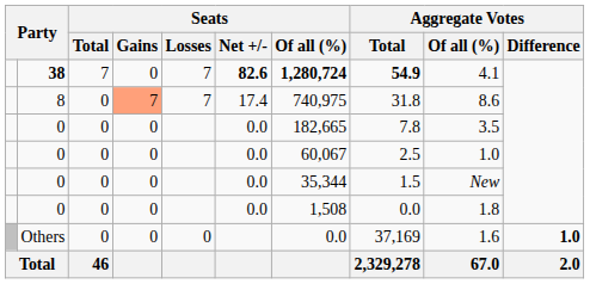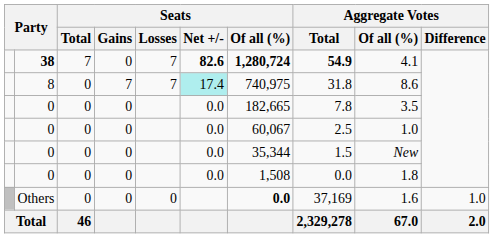 <table class="wikitable sortable" style="text-align:right; font-size:95%;">
 <tr>
 <th colspan="2" rowspan="2">Party</th>
 <th colspan="5">Seats</th>
 <th colspan="3">Aggregate Votes</th>
 </tr>
 <tr>
 <th>Total</th>
 <th>Gains</th>
 <th>Losses</th>
 <th>Net +/-</th>
 <th>Of all (%)</th>
 <th>Total</th>
 <th>Of all (%)</th>
 <th>Difference</th>
 </tr>
 <tr>
 <td></td>
 <td><strong>38</strong></td>
 <td>7</td>
 <td>0</td>
 <td>7</td>
 <td><strong>82.6</strong></td>
 <td><strong>1,280,724</strong></td>
 <td><strong>54.9</strong></td>
 <td>4.1</td>
 </tr>
 <tr>
 <td></td>
 <td>8</td>
 <td>0</td>
-<td style="background: lightsalmon;">7</td>
 <td>7</td>
-<td>17.4</td>
+<td>7</td>
+<td style="background: paleturquoise;">17.4</td>
 <td>740,975</td>
 <td>31.8</td>
 <td>8.6</td>
 </tr>
 <tr>
 <td></td>
 <td>0</td>
 <td>0</td>
 <td>0</td>
 <td></td>
 <td>0.0</td>
 <td>182,665</td>
 <td>7.8</td>
 <td>3.5</td>
 </tr>
 <tr>
 <td></td>
 <td>0</td>
 <td>0</td>
 <td>0</td>
 <td></td>
 <td>0.0</td>
 <td>60,067</td>
 <td>2.5</td>
 <td>1.0</td>
 </tr>
 <tr>
 <td></td>
 <td>0</td>
 <td>0</td>
 <td>0</td>
 <td></td>
 <td>0.0</td>
 <td>35,344</td>
 <td>1.5</td>
 <td><em>New</em></td>
 </tr>
 <tr>
 <td></td>
 <td>0</td>
 <td>0</td>
 <td>0</td>
 <td></td>
 <td>0.0</td>
 <td>1,508</td>
 <td>0.0</td>
 <td>1.8</td>
 </tr>
 <tr>
 <td style="background:silver;"> </td>
 <td align=left>Others</td>
 <td>0</td>
 <td>0</td>
 <td>0</td>
 <td></td>
-<td>0.0</td>
+<td><strong>0.0</strong></td>
 <td>37,169</td>
 <td>1.6</td>
-<td><strong>1.0</strong></td>
+<td>1.0</td>
 </tr>
 <tr class="sortbottom">
 <th colspan="2" style="background:#f2f2f2">Total</th>
 <td style="background:#f2f2f2;"><strong>46</strong></td>
 <td style="background:#f2f2f2;"></td>
 <td style="background:#f2f2f2;"></td>
 <td style="background:#f2f2f2;"></td>
 <td style="background:#f2f2f2;"></td>
 <td style="background:#f2f2f2;"><strong>2,329,278</strong></td>
 <td style="background:#f2f2f2;"><strong>67.0</strong></td>
 <td style="background:#f2f2f2;"><strong>2.0</strong></td>
 </tr>
 </table>
